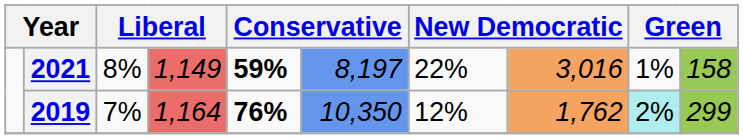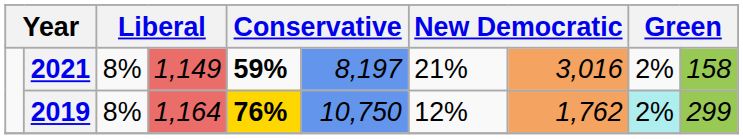 <table class="wikitable" style="float:right; width:400; font-size:90%; margin-left:1em;">
 <tr>
 <th colspan="2" scope="col">Year</th>
 <th colspan="2" scope="col"><a href='#'>Liberal</a></th>
 <th colspan="2" scope="col"><a href='#'>Conservative</a></th>
 <th colspan="2" scope="col"><a href='#'>New Democratic</a></th>
 <th colspan="2" scope="col"><a href='#'>Green</a></th>
 </tr>
 <tr>
 <td rowspan="2" style="width: 0.25em; background-color: "></td>
 <th><a href='#'>2021</a></th>
 <td>8%</td>
 <td style="text-align:right; background:#EA6D6A;"><em>1,149</em></td>
 <td><strong>59%</strong></td>
 <td style="text-align:right; background:#6495ED;"><em>8,197</em></td>
-<td>22%</td>
+<td>21%</td>
 <td style="text-align:right; background:#F4A460;"><em>3,016</em></td>
-<td>1%</td>
+<td>2%</td>
 <td style="text-align:right; background:#99C955;"><em>158</em></td>
 </tr>
 <tr>
 <th><a href='#'>2019</a></th>
-<td>7%</td>
+<td>8%</td>
 <td style="text-align:right; background:#EA6D6A;"><em>1,164</em></td>
-<td><strong>76%</strong></td>
-<td style="text-align:right; background:#6495ED;"><em>10,350</em></td>
+<td style="background: gold;"><strong>76%</strong></td>
+<td style="text-align:right; background:#6495ED;"><em>10,750</em></td>
 <td>12%</td>
 <td style="text-align:right; background:#F4A460;"><em>1,762</em></td>
 <td style="background: paleturquoise;">2%</td>
 <td style="text-align:right; background:#99C955;"><em>299</em></td>
 </tr>
 <tr>
 </tr>
 </table>
